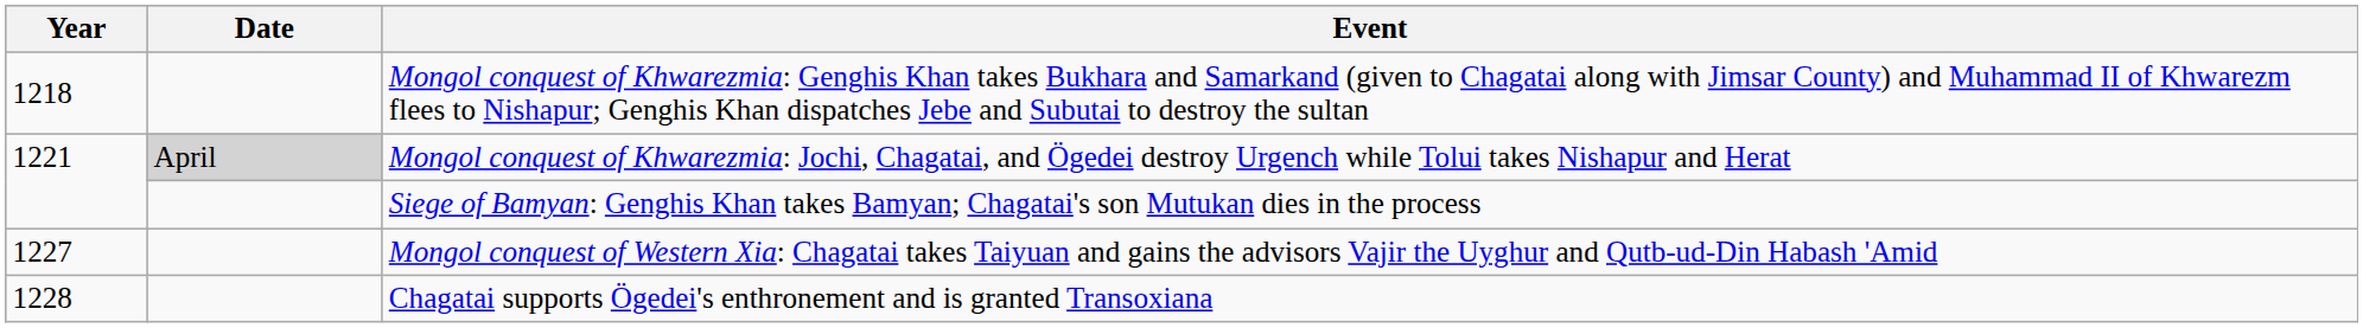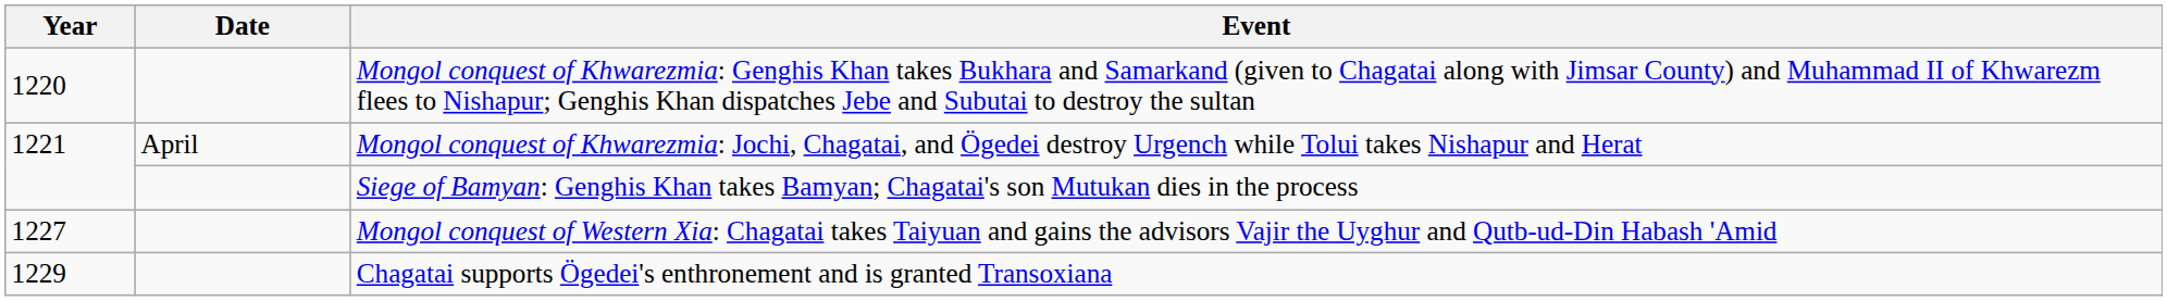 <table class="wikitable" width="100%">
 <tr>
 <th style="width:6%">Year</th>
 <th style="width:10%">Date</th>
 <th>Event</th>
 </tr>
 <tr>
-<td>1218</td>
+<td>1220</td>
 <td></td>
 <td><em><a href='#'>Mongol conquest of Khwarezmia</a></em>: <a href='#'>Genghis Khan</a> takes <a href='#'>Bukhara</a> and <a href='#'>Samarkand</a> (given to <a href='#'>Chagatai</a> along with <a href='#'>Jimsar County</a>) and <a href='#'>Muhammad II of Khwarezm</a> flees to <a href='#'>Nishapur</a>; Genghis Khan dispatches <a href='#'>Jebe</a> and <a href='#'>Subutai</a> to destroy the sultan</td>
 </tr>
 <tr JK>
 <td rowspan="2" valign="top">1221</td>
-<td style="background: lightgrey;">April</td>
+<td>April</td>
 <td><em><a href='#'>Mongol conquest of Khwarezmia</a></em>: <a href='#'>Jochi</a>, <a href='#'>Chagatai</a>, and <a href='#'>Ögedei</a> destroy <a href='#'>Urgench</a> while <a href='#'>Tolui</a> takes <a href='#'>Nishapur</a> and <a href='#'>Herat</a></td>
 </tr>
 <tr>
 <td></td>
 <td><em><a href='#'>Siege of Bamyan</a></em>: <a href='#'>Genghis Khan</a> takes <a href='#'>Bamyan</a>; <a href='#'>Chagatai</a>'s son <a href='#'>Mutukan</a> dies in the process</td>
 </tr>
 <tr>
 <td>1227</td>
 <td></td>
 <td><em><a href='#'>Mongol conquest of Western Xia</a></em>: <a href='#'>Chagatai</a> takes <a href='#'>Taiyuan</a> and gains the advisors <a href='#'>Vajir the Uyghur</a> and <a href='#'>Qutb-ud-Din Habash 'Amid</a></td>
 </tr>
 <tr>
-<td>1228</td>
+<td>1229</td>
 <td></td>
 <td><a href='#'>Chagatai</a> supports <a href='#'>Ögedei</a>'s enthronement and is granted <a href='#'>Transoxiana</a></td>
 </tr>
 </table>
